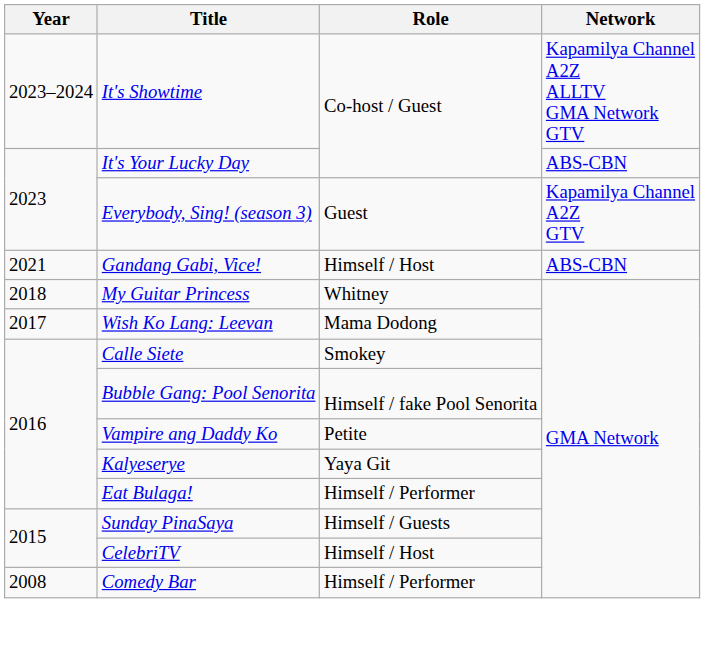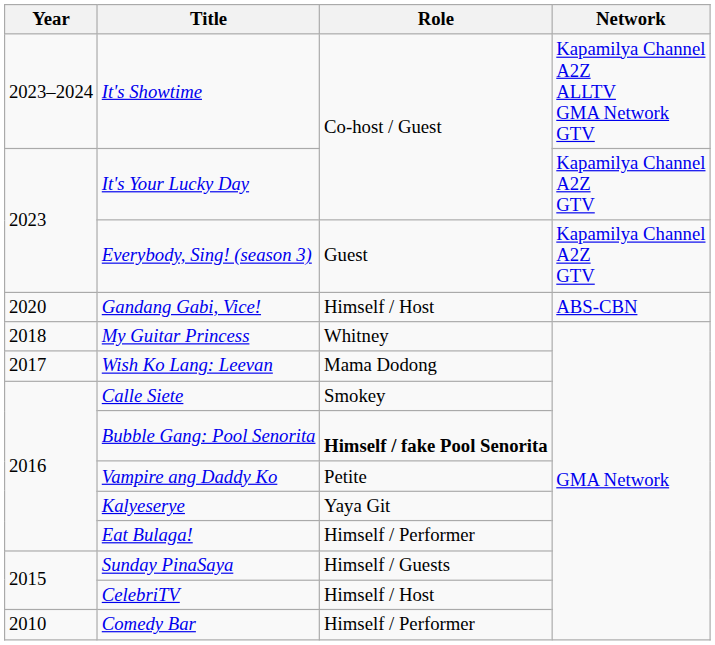 <table class="wikitable" style="font-size:100%">
 <tr>
 <th>Year</th>
 <th>Title</th>
 <th>Role</th>
 <th>Network</th>
 </tr>
 <tr>
 <td>2023–2024</td>
 <td><em><a href='#'>It's Showtime</a></em></td>
 <td rowspan="2">Co-host / Guest</td>
 <td><a href='#'>Kapamilya Channel</a><br><a href='#'>A2Z</a><br><a href='#'>ALLTV</a><br><a href='#'>GMA Network</a><br><a href='#'>GTV</a></td>
 </tr>
 <tr>
 <td rowspan="2">2023</td>
 <td><em><a href='#'>It's Your Lucky Day</a></em></td>
-<td><a href='#'>ABS-CBN</a></td>
+<td><a href='#'>Kapamilya Channel</a><br><a href='#'>A2Z</a><br><a href='#'>GTV</a></td>
 </tr>
 <tr>
 <td><em><a href='#'>Everybody, Sing! (season 3)</a></em></td>
 <td>Guest<br><small></small></td>
 <td><a href='#'>Kapamilya Channel</a><br><a href='#'>A2Z</a><br><a href='#'>GTV</a></td>
 </tr>
 <tr>
-<td>2021</td>
+<td>2020</td>
 <td><em><a href='#'>Gandang Gabi, Vice!</a></em></td>
 <td>Himself / Host</td>
 <td><a href='#'>ABS-CBN</a></td>
 </tr>
 <tr>
 <td>2018</td>
 <td><em><a href='#'>My Guitar Princess</a></em></td>
 <td>Whitney</td>
 <td rowspan="10"><a href='#'>GMA Network</a></td>
 </tr>
 <tr>
 <td>2017</td>
 <td><em><a href='#'>Wish Ko Lang: Leevan</a></em></td>
 <td>Mama Dodong</td>
 </tr>
 <tr>
 <td rowspan="5">2016</td>
 <td><em><a href='#'>Calle Siete</a></em></td>
 <td>Smokey</td>
 </tr>
 <tr>
 <td><em><a href='#'>Bubble Gang: Pool Senorita</a></em></td>
-<td><br>Himself / fake Pool Senorita</td>
+<td><strong><br>Himself / fake Pool Senorita</strong></td>
 </tr>
 <tr>
 <td><em><a href='#'>Vampire ang Daddy Ko</a></em></td>
 <td>Petite</td>
 </tr>
 <tr>
 <td><em><a href='#'>Kalyeserye</a></em></td>
 <td>Yaya Git</td>
 </tr>
 <tr>
 <td><em><a href='#'>Eat Bulaga!</a></em></td>
 <td>Himself / Performer</td>
 </tr>
 <tr>
 <td rowspan="2">2015</td>
 <td><em><a href='#'>Sunday PinaSaya</a></em></td>
 <td>Himself / Guests</td>
 </tr>
 <tr>
 <td><em><a href='#'>CelebriTV</a></em></td>
 <td>Himself / Host</td>
 </tr>
 <tr>
-<td>2008</td>
+<td>2010</td>
 <td><em><a href='#'>Comedy Bar</a></em></td>
 <td>Himself / Performer</td>
 </tr>
 </table>
